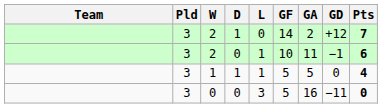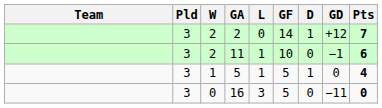 <table class=wikitable style="text-align:center">
 <tr>
 <th width=175>Team</th>
 <th width=20>Pld</th>
 <th width=20>W</th>
-<th width=20>D</th>
+<th width=20>GA</th>
 <th width=20>L</th>
 <th width=20>GF</th>
-<th width=20>GA</th>
+<th width=20>D</th>
 <th width=20>GD</th>
 <th width=20>Pts</th>
 </tr>
 <tr bgcolor=ccffcc>
 <td align=left></td>
 <td>3</td>
 <td>2</td>
-<td>1</td>
+<td>2</td>
 <td>0</td>
 <td>14</td>
-<td>2</td>
+<td>1</td>
 <td>+12</td>
 <td><strong>7</strong></td>
 </tr>
 <tr bgcolor=ccffcc>
 <td align=left></td>
 <td>3</td>
 <td>2</td>
-<td>0</td>
+<td>11</td>
 <td>1</td>
 <td>10</td>
-<td>11</td>
+<td>0</td>
 <td>−1</td>
 <td><strong>6</strong></td>
 </tr>
 <tr>
 <td align=left></td>
 <td>3</td>
 <td>1</td>
-<td>1</td>
+<td>5</td>
 <td>1</td>
 <td>5</td>
-<td>5</td>
+<td>1</td>
 <td>0</td>
 <td><strong>4</strong></td>
 </tr>
 <tr>
 <td align=left></td>
 <td>3</td>
 <td>0</td>
-<td>0</td>
+<td>16</td>
 <td>3</td>
 <td>5</td>
-<td>16</td>
+<td>0</td>
 <td>−11</td>
 <td><strong>0</strong></td>
 </tr>
 </table>
